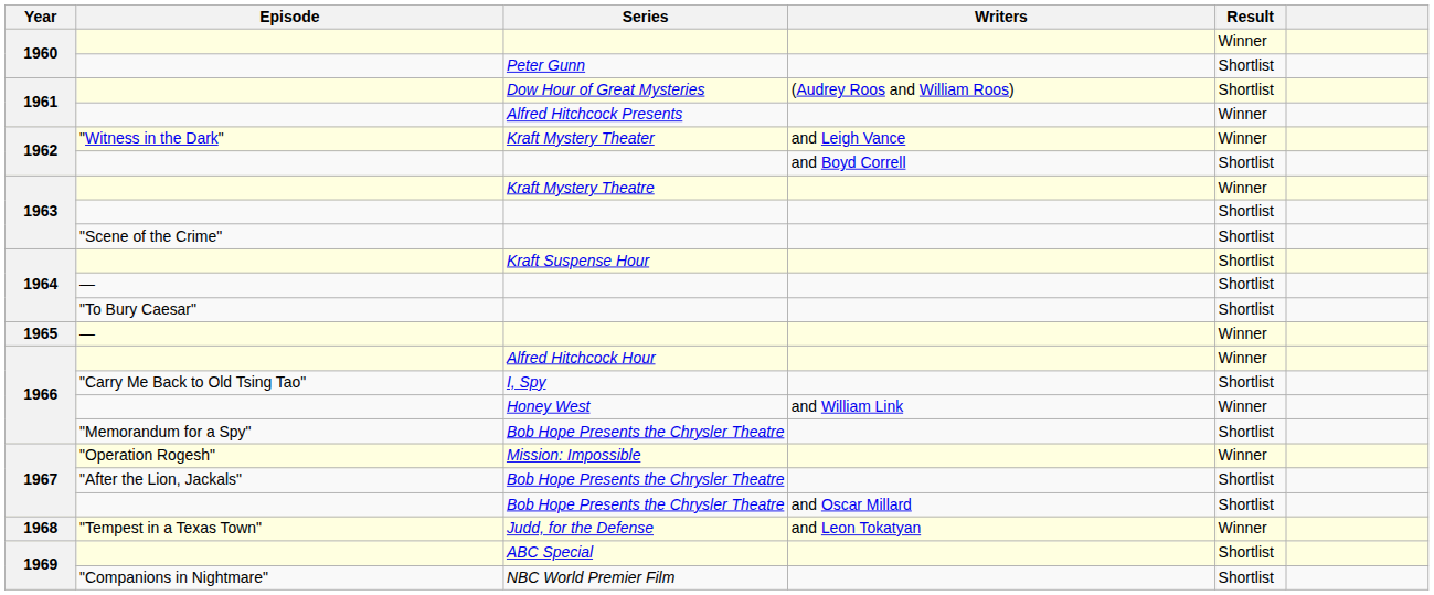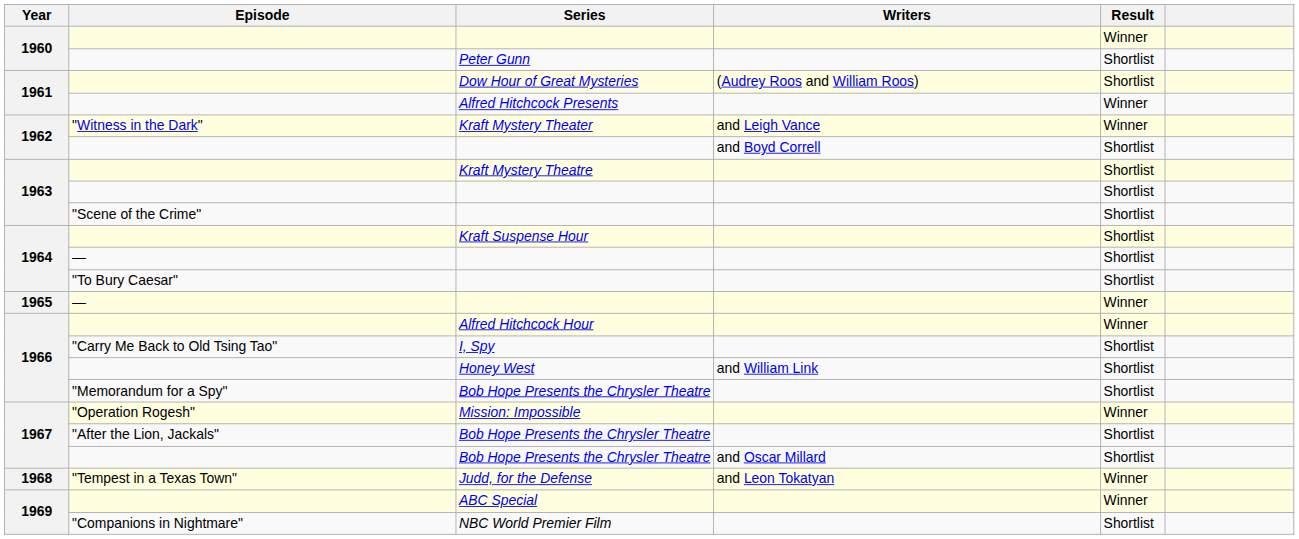 <table class="wikitable sortable" style="wdith:100%">
 <tr>
 <th scope="col" width="5%">Year</th>
 <th scope="col" width="30%">Episode</th>
 <th scope="col" width="20%">Series</th>
 <th scope="col" width="30%">Writers</th>
 <th scope="col" width="5%">Result</th>
 <th></th>
 </tr>
 <tr style="background:lightyellow;">
 <th rowspan="2">1960</th>
 <td></td>
 <td></td>
 <td></td>
 <td>Winner</td>
 <td></td>
 </tr>
 <tr>
 <td></td>
 <td><em><a href='#'>Peter Gunn</a></em></td>
 <td></td>
 <td>Shortlist</td>
 <td></td>
 </tr>
 <tr style="background:lightyellow;">
 <th rowspan="2"><strong>1961</strong></th>
 <td></td>
 <td><em><a href='#'>Dow Hour of Great Mysteries</a></em></td>
 <td> (<a href='#'>Audrey Roos</a> and <a href='#'>William Roos</a>)</td>
 <td>Shortlist</td>
 <td></td>
 </tr>
 <tr>
 <td></td>
 <td><em><a href='#'>Alfred Hitchcock Presents</a></em></td>
 <td></td>
 <td>Winner</td>
 <td></td>
 </tr>
 <tr style="background:lightyellow;">
 <th rowspan="2"><strong>1962</strong></th>
 <td>"<a href='#'>Witness in the Dark</a>"</td>
 <td><em><a href='#'>Kraft Mystery Theater</a></em></td>
 <td> and <a href='#'>Leigh Vance</a></td>
 <td>Winner</td>
 <td></td>
 </tr>
 <tr>
 <td></td>
 <td></td>
 <td> and <a href='#'>Boyd Correll</a></td>
 <td>Shortlist</td>
 <td></td>
 </tr>
 <tr style="background:lightyellow;">
 <th rowspan="3"><strong>1963</strong></th>
 <td></td>
 <td><em><a href='#'>Kraft Mystery Theatre</a></em></td>
 <td></td>
-<td>Winner</td>
+<td>Shortlist</td>
 <td></td>
 </tr>
 <tr>
 <td></td>
 <td></td>
 <td></td>
 <td>Shortlist</td>
 <td></td>
 </tr>
 <tr>
 <td>"Scene of the Crime"</td>
 <td></td>
 <td></td>
 <td>Shortlist</td>
 <td></td>
 </tr>
 <tr style="background:lightyellow;">
 <th rowspan="3"><strong>1964</strong></th>
 <td></td>
 <td><em><a href='#'>Kraft Suspense Hour</a></em></td>
 <td></td>
 <td>Shortlist</td>
 <td></td>
 </tr>
 <tr>
 <td>—</td>
 <td></td>
 <td></td>
 <td>Shortlist</td>
 <td></td>
 </tr>
 <tr>
 <td>"To Bury Caesar"</td>
 <td></td>
 <td></td>
 <td>Shortlist</td>
 <td></td>
 </tr>
 <tr style="background:lightyellow;">
 <th>1965</th>
 <td>—</td>
 <td></td>
 <td></td>
 <td>Winner</td>
 <td></td>
 </tr>
 <tr style="background:lightyellow;">
 <th rowspan="4"><strong>1966</strong></th>
 <td></td>
 <td><em><a href='#'>Alfred Hitchcock Hour</a></em></td>
 <td></td>
 <td>Winner</td>
 <td></td>
 </tr>
 <tr>
 <td>"Carry Me Back to Old Tsing Tao"</td>
 <td><em><a href='#'>I, Spy</a></em></td>
 <td></td>
 <td>Shortlist</td>
 <td></td>
 </tr>
 <tr>
 <td></td>
 <td><em><a href='#'>Honey West</a></em></td>
 <td> and <a href='#'>William Link</a></td>
-<td>Winner</td>
+<td>Shortlist</td>
 <td></td>
 </tr>
 <tr>
 <td>"Memorandum for a Spy"</td>
 <td><em><a href='#'>Bob Hope Presents the Chrysler Theatre</a></em></td>
 <td></td>
 <td>Shortlist</td>
 <td></td>
 </tr>
 <tr style="background:lightyellow;">
 <th rowspan="3"><strong>1967</strong></th>
 <td>"Operation Rogesh"</td>
 <td><em><a href='#'>Mission: Impossible</a></em></td>
 <td></td>
 <td>Winner</td>
 <td></td>
 </tr>
 <tr>
 <td>"After the Lion, Jackals"</td>
 <td><em><a href='#'>Bob Hope Presents the Chrysler Theatre</a></em></td>
 <td></td>
 <td>Shortlist</td>
 <td></td>
 </tr>
 <tr>
 <td></td>
 <td><em><a href='#'>Bob Hope Presents the Chrysler Theatre</a></em></td>
 <td> and <a href='#'>Oscar Millard</a></td>
 <td>Shortlist</td>
 <td></td>
 </tr>
 <tr style="background:lightyellow;">
 <th><strong>1968</strong></th>
 <td>"Tempest in a Texas Town"</td>
 <td><em><a href='#'>Judd, for the Defense</a></em></td>
 <td> and <a href='#'>Leon Tokatyan</a></td>
 <td>Winner</td>
 <td></td>
 </tr>
 <tr style="background:lightyellow;">
 <th rowspan="2"><strong>1969</strong></th>
 <td></td>
 <td><em><a href='#'>ABC Special</a></em></td>
 <td></td>
-<td>Shortlist</td>
+<td>Winner</td>
 <td></td>
 </tr>
 <tr>
 <td>"Companions in Nightmare"</td>
 <td><em>NBC World Premier Film</em></td>
 <td></td>
 <td>Shortlist</td>
 <td></td>
 </tr>
 </table>
